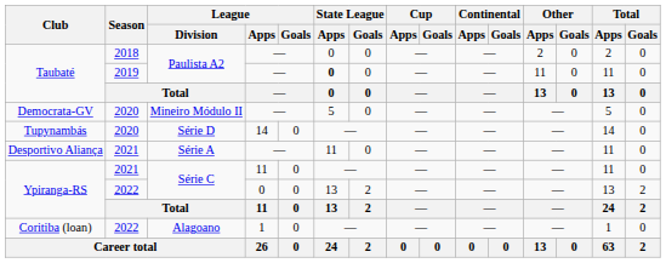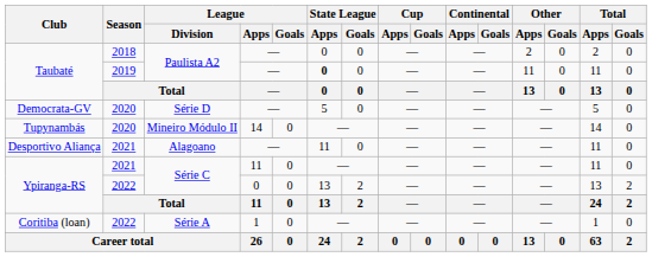 <table class="wikitable" style="text-align: center;">
 <tr>
 <th rowspan="2">Club</th>
 <th rowspan="2">Season</th>
 <th colspan="3">League</th>
 <th colspan="2">State League</th>
 <th colspan="2">Cup</th>
 <th colspan="2">Continental</th>
 <th colspan="2">Other</th>
 <th colspan="2">Total</th>
 </tr>
 <tr>
 <th>Division</th>
 <th>Apps</th>
 <th>Goals</th>
 <th>Apps</th>
 <th>Goals</th>
 <th>Apps</th>
 <th>Goals</th>
 <th>Apps</th>
 <th>Goals</th>
 <th>Apps</th>
 <th>Goals</th>
 <th>Apps</th>
 <th>Goals</th>
 </tr>
 <tr>
 <td rowspan="3"><a href='#'>Taubaté</a></td>
 <td><a href='#'>2018</a></td>
 <td rowspan="2"><a href='#'>Paulista A2</a></td>
 <td colspan="2">—</td>
 <td>0</td>
 <td>0</td>
 <td colspan="2">—</td>
 <td colspan="2">—</td>
 <td>2</td>
 <td>0</td>
 <td>2</td>
 <td>0</td>
 </tr>
 <tr>
 <td><a href='#'>2019</a></td>
 <td colspan="2">—</td>
 <td><strong>0</strong></td>
 <td>0</td>
 <td colspan="2">—</td>
 <td colspan="2">—</td>
 <td>11</td>
 <td>0</td>
 <td>11</td>
 <td>0</td>
 </tr>
 <tr>
 <th colspan="2">Total</th>
 <th colspan="2">—</th>
 <th>0</th>
 <th>0</th>
 <th colspan="2">—</th>
 <th colspan="2">—</th>
 <th>13</th>
 <th>0</th>
 <th>13</th>
 <th>0</th>
 </tr>
 <tr>
 <td><a href='#'>Democrata-GV</a></td>
 <td><a href='#'>2020</a></td>
-<td><a href='#'>Mineiro Módulo II</a></td>
+<td><a href='#'>Série D</a></td>
 <td colspan="2">—</td>
 <td>5</td>
 <td>0</td>
 <td colspan="2">—</td>
 <td colspan="2">—</td>
 <td colspan="2">—</td>
 <td>5</td>
 <td>0</td>
 </tr>
 <tr>
 <td><a href='#'>Tupynambás</a></td>
 <td><a href='#'>2020</a></td>
-<td><a href='#'>Série D</a></td>
+<td><a href='#'>Mineiro Módulo II</a></td>
 <td>14</td>
 <td>0</td>
 <td colspan="2">—</td>
 <td colspan="2">—</td>
 <td colspan="2">—</td>
 <td colspan="2">—</td>
 <td>14</td>
 <td>0</td>
 </tr>
 <tr>
 <td><a href='#'>Desportivo Aliança</a></td>
 <td><a href='#'>2021</a></td>
-<td><a href='#'>Série A</a></td>
+<td><a href='#'>Alagoano</a></td>
 <td colspan="2">—</td>
 <td>11</td>
 <td>0</td>
 <td colspan="2">—</td>
 <td colspan="2">—</td>
 <td colspan="2">—</td>
 <td>11</td>
 <td>0</td>
 </tr>
 <tr>
 <td rowspan="3"><a href='#'>Ypiranga-RS</a></td>
 <td><a href='#'>2021</a></td>
 <td rowspan="2"><a href='#'>Série C</a></td>
 <td>11</td>
 <td>0</td>
 <td colspan="2">—</td>
 <td colspan="2">—</td>
 <td colspan="2">—</td>
 <td colspan="2">—</td>
 <td>11</td>
 <td>0</td>
 </tr>
 <tr>
 <td><a href='#'>2022</a></td>
 <td>0</td>
 <td>0</td>
 <td>13</td>
 <td>2</td>
 <td colspan="2">—</td>
 <td colspan="2">—</td>
 <td colspan="2">—</td>
 <td>13</td>
 <td>2</td>
 </tr>
 <tr>
 <th colspan="2">Total</th>
 <th>11</th>
 <th>0</th>
 <th>13</th>
 <th>2</th>
 <th colspan="2">—</th>
 <th colspan="2">—</th>
 <th colspan="2">—</th>
 <th>24</th>
 <th>2</th>
 </tr>
 <tr>
 <td><a href='#'>Coritiba</a> (loan)</td>
 <td><a href='#'>2022</a></td>
-<td><a href='#'>Alagoano</a></td>
+<td><a href='#'>Série A</a></td>
 <td>1</td>
 <td>0</td>
 <td colspan="2">—</td>
 <td colspan="2">—</td>
 <td colspan="2">—</td>
 <td colspan="2">—</td>
 <td>1</td>
 <td>0</td>
 </tr>
 <tr>
 <th colspan="3">Career total</th>
 <th>26</th>
 <th>0</th>
 <th>24</th>
 <th>2</th>
 <th>0</th>
 <th>0</th>
 <th>0</th>
 <th>0</th>
 <th>13</th>
 <th>0</th>
 <th>63</th>
 <th>2</th>
 </tr>
 </table>
